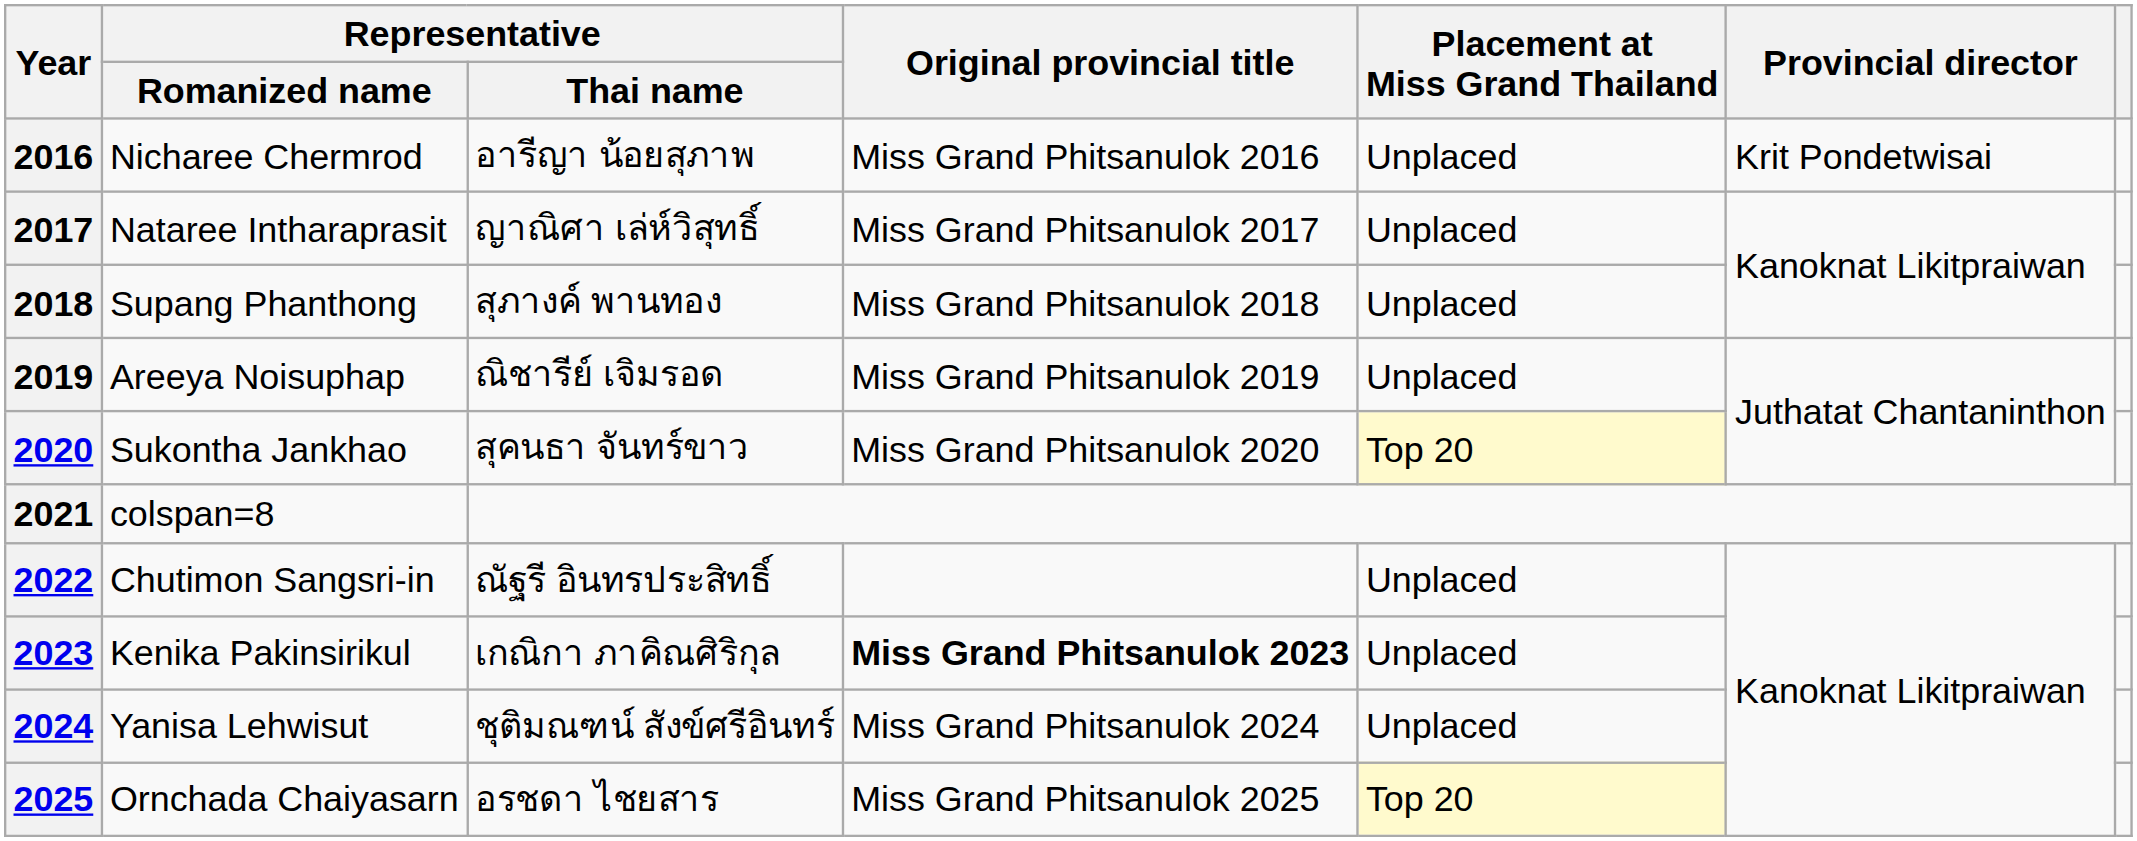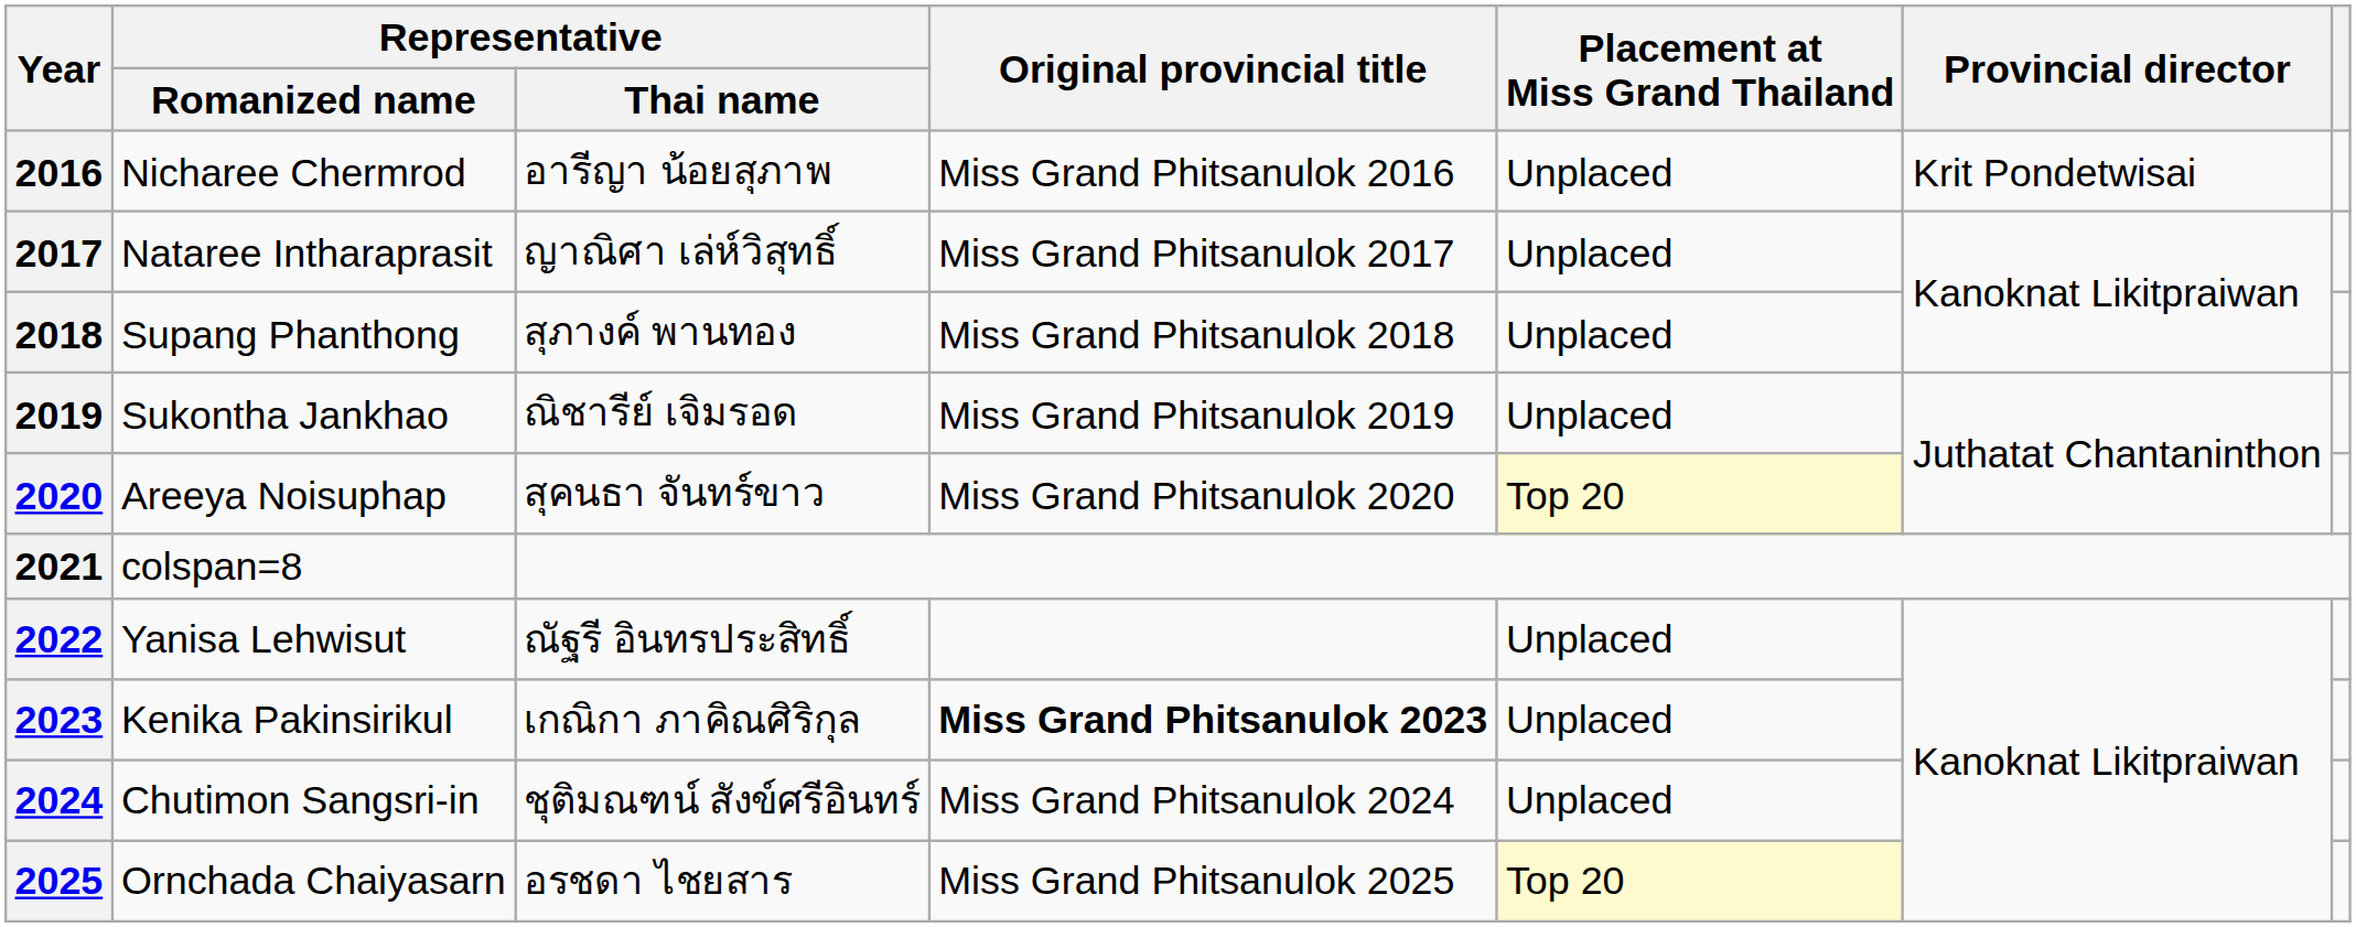 <table class="wikitable defaultcenter col2left col3left col6left" style="font-size:95%;">
 <tr>
 <th rowspan=2>Year</th>
 <th colspan=2>Representative</th>
 <th rowspan=2>Original provincial title</th>
 <th rowspan=2>Placement at<br>Miss Grand Thailand</th>
 <th rowspan=2>Provincial director</th>
 <th rowspan=2></th>
 </tr>
 <tr>
 <th>Romanized name</th>
 <th>Thai name</th>
 </tr>
 <tr>
 <th>2016</th>
 <td>Nicharee Chermrod</td>
 <td>อารีญา น้อยสุภาพ</td>
 <td>Miss Grand Phitsanulok 2016</td>
 <td>Unplaced</td>
 <td>Krit Pondetwisai</td>
 <td></td>
 </tr>
 <tr>
 <th>2017</th>
 <td>Nataree Intharaprasit</td>
 <td>ญาณิศา เล่ห์วิสุทธิ์</td>
 <td>Miss Grand Phitsanulok 2017</td>
 <td>Unplaced</td>
 <td rowspan=2>Kanoknat Likitpraiwan</td>
 <td></td>
 </tr>
 <tr>
 <th>2018</th>
 <td>Supang Phanthong</td>
 <td>สุภางค์ พานทอง</td>
 <td>Miss Grand Phitsanulok 2018</td>
 <td>Unplaced</td>
 <td></td>
 </tr>
 <tr>
 <th>2019</th>
-<td>Areeya Noisuphap</td>
+<td>Sukontha Jankhao</td>
 <td>ณิชารีย์ เจิมรอด</td>
 <td>Miss Grand Phitsanulok 2019</td>
 <td>Unplaced</td>
 <td rowspan=2>Juthatat Chantaninthon</td>
 <td></td>
 </tr>
 <tr>
 <th><a href='#'>2020</a></th>
-<td>Sukontha Jankhao</td>
+<td>Areeya Noisuphap</td>
 <td>สุคนธา จันทร์ขาว</td>
 <td>Miss Grand Phitsanulok 2020</td>
 <td bgcolor=#FFFACD>Top 20</td>
 <td></td>
 </tr>
 <tr>
 <th>2021</th>
 <td>colspan=8 </td>
 </tr>
 <tr>
 <th><a href='#'>2022</a></th>
-<td>Chutimon Sangsri-in</td>
+<td>Yanisa Lehwisut</td>
 <td>ณัฐรี อินทรประสิทธิ์</td>
 <td></td>
 <td>Unplaced</td>
 <td rowspan=4>Kanoknat Likitpraiwan</td>
 <td></td>
 </tr>
 <tr>
 <th><a href='#'>2023</a></th>
 <td>Kenika Pakinsirikul</td>
 <td>เกณิกา ภาคิณศิริกุล</td>
 <td><strong>Miss Grand Phitsanulok 2023</strong></td>
 <td>Unplaced</td>
 <td></td>
 </tr>
 <tr>
 <th><a href='#'>2024</a></th>
-<td>Yanisa Lehwisut</td>
+<td>Chutimon Sangsri-in</td>
 <td>ชุติมณฑน์ สังข์ศรีอินทร์</td>
 <td>Miss Grand Phitsanulok 2024</td>
 <td>Unplaced</td>
 <td></td>
 </tr>
 <tr>
 <th><a href='#'>2025</a></th>
 <td>Ornchada Chaiyasarn</td>
 <td>อรชดา ไชยสาร</td>
 <td>Miss Grand Phitsanulok 2025</td>
 <td bgcolor=#FFFACD>Top 20</td>
 <td></td>
 </tr>
 </table>
